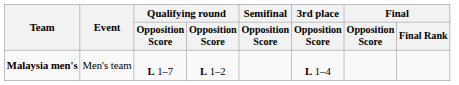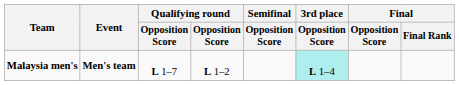 <table class="wikitable" style="font-size:90%">
 <tr>
 <th rowspan=2>Team</th>
 <th rowspan=2>Event</th>
 <th colspan=2>Qualifying round</th>
 <th>Semifinal</th>
 <th>3rd place</th>
 <th colspan=2>Final</th>
 </tr>
 <tr style="font-size:95%">
 <th>Opposition<br>Score</th>
 <th>Opposition<br>Score</th>
 <th>Opposition<br>Score</th>
 <th>Opposition<br>Score</th>
 <th>Opposition<br>Score</th>
 <th>Final Rank</th>
 </tr>
 <tr align=center>
 <td align=left><strong>Malaysia men's</strong></td>
-<td align=left>Men's team</td>
+<td align=left><strong>Men's team</strong></td>
 <td><br><strong>L</strong> 1–7</td>
 <td><br><strong>L</strong> 1–2</td>
 <td></td>
-<td><br><strong>L</strong> 1–4</td>
+<td style="background: paleturquoise;"><br><strong>L</strong> 1–4</td>
 <td></td>
 <td></td>
 </tr>
 </table>
